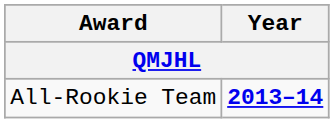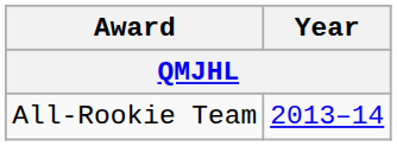 <table class="wikitable">
 <tr>
 <th>Award</th>
 <th>Year</th>
 </tr>
 <tr>
 <th colspan="3"><a href='#'>QMJHL</a></th>
 </tr>
 <tr>
 <td>All-Rookie Team</td>
-<td><strong><a href='#'>2013–14</a></strong></td>
+<td><a href='#'>2013–14</a></td>
 </tr>
 </table>
